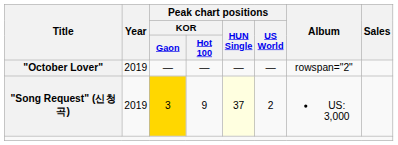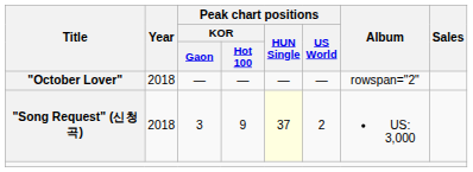 <table class="wikitable plainrowheaders" style="text-align:center;">
 <tr>
 <th scope="col" rowspan="3">Title</th>
 <th scope="col" rowspan="3">Year</th>
 <th scope="col" colspan="4">Peak chart positions</th>
 <th scope="col" rowspan="3">Album</th>
 <th scope="col" rowspan="3">Sales</th>
 </tr>
 <tr>
 <th scope=col colspan="2" style="width:3 em;font-size:90%;">KOR</th>
 <th scope=col rowspan="2" style="width:3em;font-size:90%;"><a href='#'>HUN Single</a><br></th>
 <th scope=col rowspan="2" style="width:3em;font-size:90%;"><a href='#'>US<br>World</a><br></th>
 </tr>
 <tr>
 <th scope="col" style="width:3.5em;font-size:90%;"><a href='#'>Gaon</a><br></th>
 <th scope="col" style="width:3.5em;font-size:90%;"><a href='#'>Hot 100</a><br></th>
 </tr>
 <tr>
 <th scope="row">"October Lover"<br></th>
-<td>2019</td>
+<td>2018</td>
 <td>—</td>
 <td>—</td>
 <td>—</td>
 <td>—</td>
 <td>rowspan="2" </td>
 <td></td>
 </tr>
 <tr>
 <th scope="row">"Song Request" (신청곡)<br></th>
-<td>2019</td>
-<td style="background: gold;">3</td>
+<td>2018</td>
+<td>3</td>
 <td>9</td>
 <td style="background: lightyellow;">37</td>
 <td>2</td>
 <td><br><ul><li>US: 3,000</li></ul></td>
 </tr>
 <tr>
 <td colspan="8"></td>
 </tr>
 </table>
